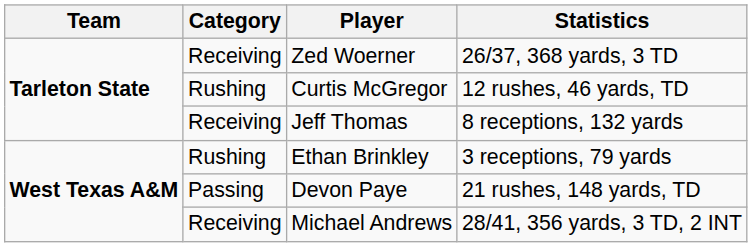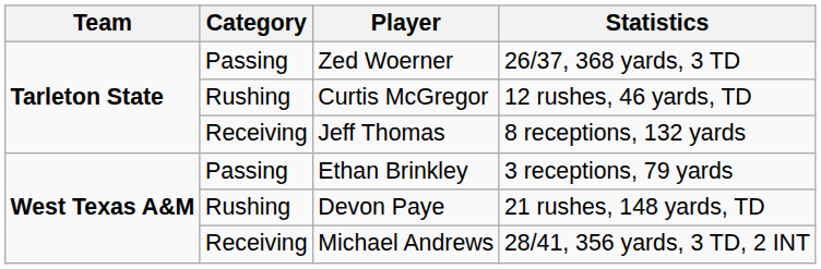 <table class="wikitable" style="float: left;">
 <tr>
 <th>Team</th>
 <th>Category</th>
 <th>Player</th>
 <th>Statistics</th>
 </tr>
 <tr>
 <td rowspan=3><strong>Tarleton State</strong></td>
-<td>Receiving</td>
+<td>Passing</td>
 <td>Zed Woerner</td>
 <td>26/37, 368 yards, 3 TD</td>
 </tr>
 <tr>
 <td>Rushing</td>
 <td>Curtis McGregor</td>
 <td>12 rushes, 46 yards, TD</td>
 </tr>
 <tr>
 <td>Receiving</td>
 <td>Jeff Thomas</td>
 <td>8 receptions, 132 yards</td>
 </tr>
 <tr>
 <td rowspan=3><strong>West Texas A&M</strong></td>
-<td>Rushing</td>
+<td>Passing</td>
 <td>Ethan Brinkley</td>
 <td>3 receptions, 79 yards</td>
 </tr>
 <tr>
-<td>Passing</td>
+<td>Rushing</td>
 <td>Devon Paye</td>
 <td>21 rushes, 148 yards, TD</td>
 </tr>
 <tr>
 <td>Receiving</td>
 <td>Michael Andrews</td>
 <td>28/41, 356 yards, 3 TD, 2 INT</td>
 </tr>
 </table>
